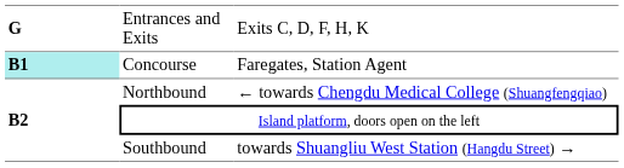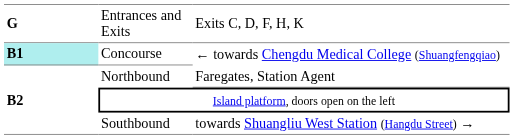 <table cellspacing=0 cellpadding=3>
 <tr>
 <td style="border-top:solid 1px gray;border-bottom:solid 1px gray;" width=100><strong>G</strong></td>
 <td style="border-top:solid 1px gray;border-bottom:solid 1px gray;" width=100>Entrances and Exits</td>
 <td style="border-top:solid 1px gray;border-bottom:solid 1px gray;" width=350>Exits C, D, F, H, K</td>
 </tr>
 <tr>
 <td style="background: paleturquoise; border-bottom:solid 1px gray;"><strong>B1</strong></td>
 <td style="border-bottom:solid 1px gray;">Concourse</td>
-<td style="border-bottom:solid 1px gray;">Faregates, Station Agent</td>
+<td>←  towards <a href='#'>Chengdu Medical College</a> <small>(<a href='#'>Shuangfengqiao</a>)</small></td>
 </tr>
 <tr>
 <td style="border-bottom:solid 1px gray;" rowspan=3><strong>B2</strong></td>
 <td>Northbound</td>
-<td>←  towards <a href='#'>Chengdu Medical College</a> <small>(<a href='#'>Shuangfengqiao</a>)</small></td>
+<td style="border-bottom:solid 1px gray;">Faregates, Station Agent</td>
 </tr>
 <tr>
 <td style="border-right:solid 2px black;border-left:solid 2px black;border-top:solid 2px black;border-bottom:solid 2px black;text-align:center;" colspan=2><small><a href='#'>Island platform</a>, doors open on the left</small></td>
 </tr>
 <tr>
 <td style="border-bottom:solid 1px gray;">Southbound</td>
 <td style="border-bottom:solid 1px gray;">  towards <a href='#'>Shuangliu West Station</a> <small>(<a href='#'>Hangdu Street</a>)</small> →</td>
 </tr>
 </table>
